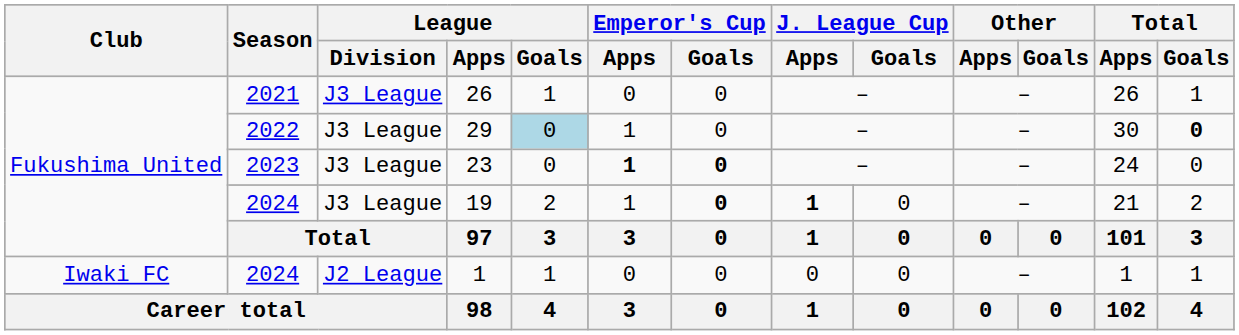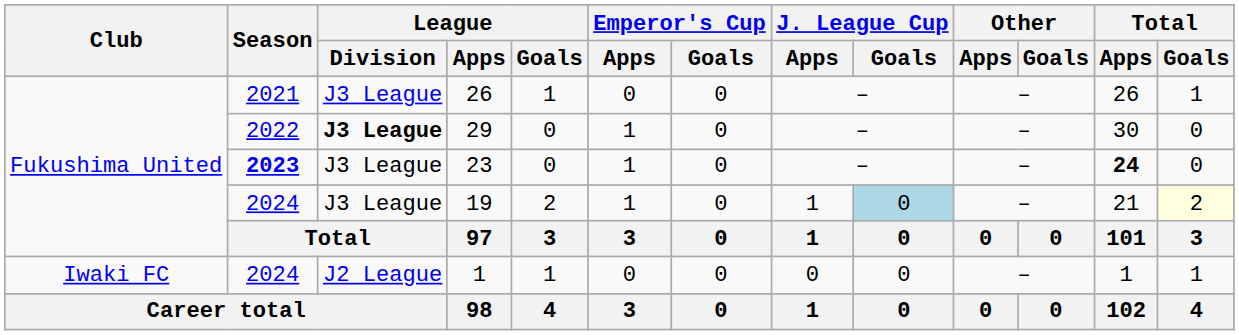 <table class="wikitable" style="text-align:center">
 <tr>
 <th rowspan=2>Club</th>
 <th rowspan=2>Season</th>
 <th colspan=3>League</th>
 <th colspan=2><a href='#'>Emperor's Cup</a></th>
 <th colspan=2><a href='#'>J. League Cup</a></th>
 <th colspan=2>Other</th>
 <th colspan=2>Total</th>
 </tr>
 <tr>
 <th>Division</th>
 <th>Apps</th>
 <th>Goals</th>
 <th>Apps</th>
 <th>Goals</th>
 <th>Apps</th>
 <th>Goals</th>
 <th>Apps</th>
 <th>Goals</th>
 <th>Apps</th>
 <th>Goals</th>
 </tr>
 <tr>
 <td rowspan="5"><a href='#'>Fukushima United</a></td>
 <td><a href='#'>2021</a></td>
 <td><a href='#'>J3 League</a></td>
 <td>26</td>
 <td>1</td>
 <td>0</td>
 <td>0</td>
 <td colspan="2">–</td>
 <td colspan="2">–</td>
 <td>26</td>
 <td>1</td>
 </tr>
 <tr>
 <td><a href='#'>2022</a></td>
-<td>J3 League</td>
+<td><strong>J3 League</strong></td>
 <td>29</td>
-<td style="background: lightblue;">0</td>
+<td>0</td>
 <td>1</td>
 <td>0</td>
 <td colspan="2">–</td>
 <td colspan="2">–</td>
 <td>30</td>
-<td><strong>0</strong></td>
+<td>0</td>
 </tr>
 <tr>
-<td><a href='#'>2023</a></td>
+<td><strong><a href='#'>2023</a></strong></td>
 <td>J3 League</td>
 <td>23</td>
 <td>0</td>
-<td><strong>1</strong></td>
-<td><strong>0</strong></td>
+<td>1</td>
+<td>0</td>
 <td colspan="2">–</td>
 <td colspan="2">–</td>
-<td>24</td>
+<td><strong>24</strong></td>
 <td>0</td>
 </tr>
 <tr>
 <td><a href='#'>2024</a></td>
 <td>J3 League</td>
 <td>19</td>
 <td>2</td>
 <td>1</td>
-<td><strong>0</strong></td>
-<td><strong>1</strong></td>
 <td>0</td>
+<td>1</td>
+<td style="background: lightblue;">0</td>
 <td colspan="2">–</td>
 <td>21</td>
-<td>2</td>
+<td style="background: lightyellow;">2</td>
 </tr>
 <tr>
 <th colspan="2">Total</th>
 <th>97</th>
 <th>3</th>
 <th>3</th>
 <th>0</th>
 <th>1</th>
 <th>0</th>
 <th>0</th>
 <th>0</th>
 <th>101</th>
 <th>3</th>
 </tr>
 <tr>
 <td><a href='#'>Iwaki FC</a></td>
 <td><a href='#'>2024</a></td>
 <td><a href='#'>J2 League</a></td>
 <td>1</td>
 <td>1</td>
 <td>0</td>
 <td>0</td>
 <td>0</td>
 <td>0</td>
 <td colspan="2">–</td>
 <td>1</td>
 <td>1</td>
 </tr>
 <tr>
 <th colspan=3>Career total</th>
 <th>98</th>
 <th>4</th>
 <th>3</th>
 <th>0</th>
 <th>1</th>
 <th>0</th>
 <th>0</th>
 <th>0</th>
 <th>102</th>
 <th>4</th>
 </tr>
 </table>
